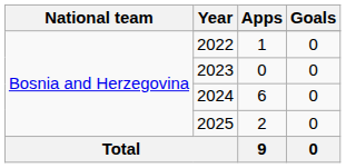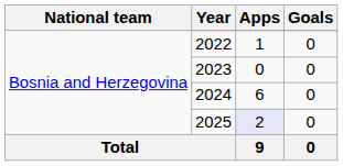 <table class="wikitable" style="text-align:center">
 <tr>
 <th>National team</th>
 <th>Year</th>
 <th>Apps</th>
 <th>Goals</th>
 </tr>
 <tr>
 <td rowspan=5><a href='#'>Bosnia and Herzegovina</a></td>
 </tr>
 <tr>
 <td>2022</td>
 <td>1</td>
 <td>0</td>
 </tr>
 <tr>
 <td>2023</td>
 <td>0</td>
 <td>0</td>
 </tr>
 <tr>
 <td>2024</td>
 <td>6</td>
 <td>0</td>
 </tr>
 <tr>
 <td>2025</td>
-<td>2</td>
+<td style="background: lavender;">2</td>
 <td>0</td>
 </tr>
 <tr>
 <th colspan=2>Total</th>
 <th>9</th>
 <th>0</th>
 </tr>
 </table>
